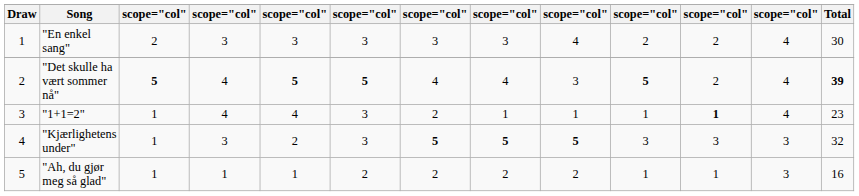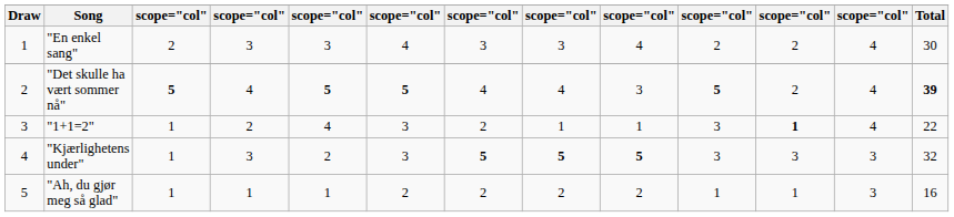 <table class="wikitable plainrowheaders" style="margin: 1em auto 1em auto; text-align:center;">
 <tr>
 </tr>
 <tr>
 <th scope="col">Draw</th>
 <th scope="col">Song</th>
 <th>scope="col" </th>
 <th>scope="col" </th>
 <th>scope="col" </th>
 <th>scope="col" </th>
 <th>scope="col" </th>
 <th>scope="col" </th>
 <th>scope="col" </th>
 <th>scope="col" </th>
 <th>scope="col" </th>
 <th>scope="col" </th>
 <th scope="col">Total</th>
 </tr>
 <tr>
 <td>1</td>
 <td align=left>"En enkel sang"</td>
 <td>2</td>
 <td>3</td>
 <td>3</td>
-<td>3</td>
+<td>4</td>
 <td>3</td>
 <td>3</td>
 <td>4</td>
 <td>2</td>
 <td>2</td>
 <td>4</td>
 <td>30</td>
 </tr>
 <tr>
 </tr>
 <tr>
 <td>2</td>
 <td align=left>"Det skulle ha vært sommer nå"</td>
 <td><strong>5</strong></td>
 <td>4</td>
 <td><strong>5</strong></td>
 <td><strong>5</strong></td>
 <td>4</td>
 <td>4</td>
 <td>3</td>
 <td><strong>5</strong></td>
 <td>2</td>
 <td>4</td>
 <td><strong>39</strong></td>
 </tr>
 <tr>
 <td>3</td>
 <td align=left>"1+1=2"</td>
 <td>1</td>
-<td>4</td>
+<td>2</td>
 <td>4</td>
 <td>3</td>
 <td>2</td>
 <td>1</td>
 <td>1</td>
-<td>1</td>
+<td>3</td>
 <td><strong>1</strong></td>
 <td>4</td>
-<td>23</td>
+<td>22</td>
 </tr>
 <tr>
 <td>4</td>
 <td align=left>"Kjærlighetens under"</td>
 <td>1</td>
 <td>3</td>
 <td>2</td>
 <td>3</td>
 <td><strong>5</strong></td>
 <td><strong>5</strong></td>
 <td><strong>5</strong></td>
 <td>3</td>
 <td>3</td>
 <td>3</td>
 <td>32</td>
 </tr>
 <tr>
 <td>5</td>
 <td align=left>"Ah, du gjør meg så glad"</td>
 <td>1</td>
 <td>1</td>
 <td>1</td>
 <td>2</td>
 <td>2</td>
 <td>2</td>
 <td>2</td>
 <td>1</td>
 <td>1</td>
 <td>3</td>
 <td>16</td>
 </tr>
 </table>
